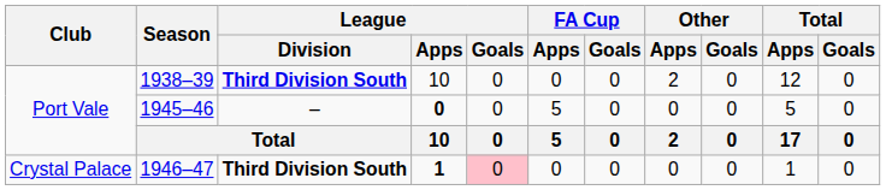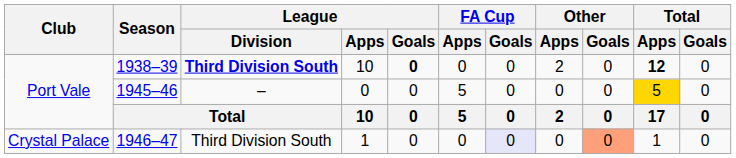 <table class="wikitable" style="text-align:center">
 <tr>
 <th rowspan="2">Club</th>
 <th rowspan="2">Season</th>
 <th colspan="3">League</th>
 <th colspan="2"><a href='#'>FA Cup</a></th>
 <th colspan="2">Other</th>
 <th colspan="2">Total</th>
 </tr>
 <tr>
 <th>Division</th>
 <th>Apps</th>
 <th>Goals</th>
 <th>Apps</th>
 <th>Goals</th>
 <th>Apps</th>
 <th>Goals</th>
 <th>Apps</th>
 <th>Goals</th>
 </tr>
 <tr>
 <td rowspan="3"><a href='#'>Port Vale</a></td>
 <td><a href='#'>1938–39</a></td>
 <td><strong><a href='#'>Third Division South</a></strong></td>
 <td>10</td>
-<td>0</td>
+<td><strong>0</strong></td>
 <td>0</td>
 <td>0</td>
 <td>2</td>
 <td>0</td>
-<td>12</td>
+<td><strong>12</strong></td>
 <td>0</td>
 </tr>
 <tr>
 <td><a href='#'>1945–46</a></td>
 <td>–</td>
-<td><strong>0</strong></td>
+<td>0</td>
 <td>0</td>
 <td>5</td>
 <td>0</td>
 <td>0</td>
 <td>0</td>
-<td>5</td>
+<td style="background: gold;">5</td>
 <td>0</td>
 </tr>
 <tr>
 <th colspan="2">Total</th>
 <th>10</th>
 <th>0</th>
 <th>5</th>
 <th>0</th>
 <th>2</th>
 <th>0</th>
 <th>17</th>
 <th>0</th>
 </tr>
 <tr>
 <td><a href='#'>Crystal Palace</a></td>
 <td><a href='#'>1946–47</a></td>
-<td><strong>Third Division South</strong></td>
-<td><strong>1</strong></td>
-<td style="background: pink;">0</td>
+<td>Third Division South</td>
+<td>1</td>
 <td>0</td>
 <td>0</td>
+<td style="background: lavender;">0</td>
 <td>0</td>
-<td>0</td>
+<td style="background: lightsalmon;">0</td>
 <td>1</td>
 <td>0</td>
 </tr>
 </table>
